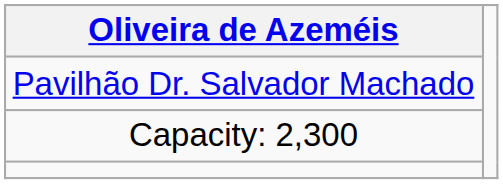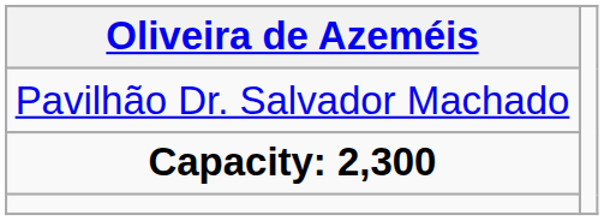 <table class="wikitable">
 <tr>
 <th><a href='#'>Oliveira de Azeméis</a></th>
 <td rowspan=4></td>
 </tr>
 <tr>
 <td align=center><a href='#'>Pavilhão Dr. Salvador Machado</a></td>
 </tr>
 <tr>
-<td align=center>Capacity: 2,300</td>
+<td align=center><strong>Capacity: 2,300</strong></td>
 </tr>
 <tr>
 <td></td>
 </tr>
 </table>
